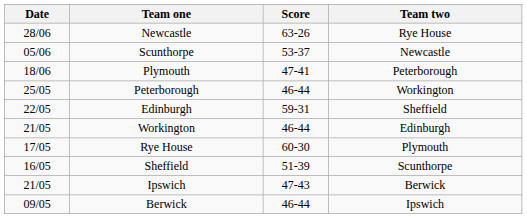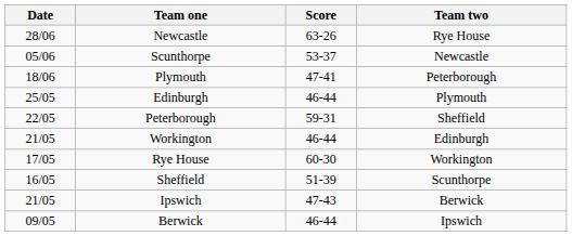 <table class="wikitable" style="text-align: center">
 <tr>
 <th width=80>Date</th>
 <th width=250>Team one</th>
 <th width=80>Score</th>
 <th width=250>Team two</th>
 </tr>
 <tr>
 <td>28/06</td>
 <td>Newcastle</td>
 <td>63-26</td>
 <td>Rye House</td>
 </tr>
 <tr>
 <td>05/06</td>
 <td>Scunthorpe</td>
 <td>53-37</td>
 <td>Newcastle</td>
 </tr>
 <tr>
 <td>18/06</td>
 <td>Plymouth</td>
 <td>47-41</td>
 <td>Peterborough</td>
 </tr>
 <tr>
 <td>25/05</td>
-<td>Peterborough</td>
+<td>Edinburgh</td>
 <td>46-44</td>
-<td>Workington</td>
+<td>Plymouth</td>
 </tr>
 <tr>
 <td>22/05</td>
-<td>Edinburgh</td>
+<td>Peterborough</td>
 <td>59-31</td>
 <td>Sheffield</td>
 </tr>
 <tr>
 <td>21/05</td>
 <td>Workington</td>
 <td>46-44</td>
 <td>Edinburgh</td>
 </tr>
 <tr>
 <td>17/05</td>
 <td>Rye House</td>
 <td>60-30</td>
-<td>Plymouth</td>
+<td>Workington</td>
 </tr>
 <tr>
 <td>16/05</td>
 <td>Sheffield</td>
 <td>51-39</td>
 <td>Scunthorpe</td>
 </tr>
 <tr>
 <td>21/05</td>
 <td>Ipswich</td>
 <td>47-43</td>
 <td>Berwick</td>
 </tr>
 <tr>
 <td>09/05</td>
 <td>Berwick</td>
 <td>46-44</td>
 <td>Ipswich</td>
 </tr>
 </table>
